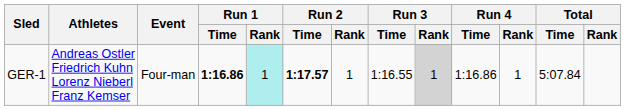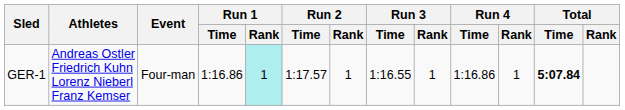 <table class="wikitable" border="1" style="font-size:90%">
 <tr>
 <th rowspan="2">Sled</th>
 <th rowspan="2">Athletes</th>
 <th rowspan="2">Event</th>
 <th colspan="2">Run 1</th>
 <th colspan="2">Run 2</th>
 <th colspan="2">Run 3</th>
 <th colspan="2">Run 4</th>
 <th colspan="2">Total</th>
 </tr>
 <tr>
 <th>Time</th>
 <th>Rank</th>
 <th>Time</th>
 <th>Rank</th>
 <th>Time</th>
 <th>Rank</th>
 <th>Time</th>
 <th>Rank</th>
 <th>Time</th>
 <th>Rank</th>
 </tr>
 <tr>
 <td align="center">GER-1</td>
 <td><a href='#'>Andreas Ostler</a><br><a href='#'>Friedrich Kuhn</a><br><a href='#'>Lorenz Nieberl</a><br><a href='#'>Franz Kemser</a></td>
 <td>Four-man</td>
-<td align="center"><strong>1:16.86</strong></td>
+<td align="center">1:16.86</td>
 <td align="center" style="background: paleturquoise;">1</td>
-<td align="center"><strong>1:17.57</strong></td>
+<td align="center">1:17.57</td>
 <td align="center">1</td>
 <td align="center">1:16.55</td>
-<td align="center" style="background: lightgrey;">1</td>
+<td align="center">1</td>
 <td align="center">1:16.86</td>
 <td align="center">1</td>
-<td align="center">5:07.84</td>
+<td align="center"><strong>5:07.84</strong></td>
 <td align="center"></td>
 </tr>
 </table>
